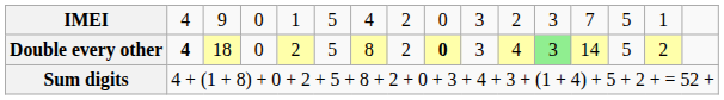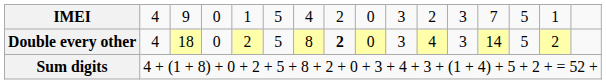 <table class="wikitable" style="text-align:center">
 <tr>
 <th>IMEI</th>
 <td style="width:1.5em">4</td>
 <td style="width:1.5em">9</td>
 <td style="width:1.5em">0</td>
 <td style="width:1.5em">1</td>
 <td style="width:1.5em">5</td>
 <td style="width:1.5em">4</td>
 <td style="width:1.5em">2</td>
 <td style="width:1.5em">0</td>
 <td style="width:1.5em">3</td>
 <td style="width:1.5em">2</td>
 <td style="width:1.5em">3</td>
 <td style="width:1.5em">7</td>
 <td style="width:1.5em">5</td>
 <td style="width:1.5em">1</td>
 <td style="width:1.5em"></td>
 </tr>
 <tr>
 <th>Double every other</th>
-<td><strong>4</strong></td>
+<td>4</td>
 <td style="background: #FFA;">18</td>
 <td>0</td>
 <td style="background: #FFA;">2</td>
 <td>5</td>
 <td style="background: #FFA;">8</td>
-<td>2</td>
-<td style="background: #FFA;"><strong>0</strong></td>
+<td><strong>2</strong></td>
+<td style="background: #FFA;">0</td>
 <td>3</td>
 <td style="background: #FFA;">4</td>
-<td style="background: lightgreen;">3</td>
+<td>3</td>
 <td style="background: #FFA;">14</td>
 <td>5</td>
 <td style="background: #FFA;">2</td>
 <td></td>
 </tr>
 <tr>
 <th>Sum digits</th>
 <td colspan="15" style="white-space: nowrap">4 + (1 + 8) + 0 + 2 + 5 + 8 + 2 + 0 + 3 + 4 + 3 + (1 + 4) + 5 + 2 +  = 52 + </td>
 </tr>
 </table>
